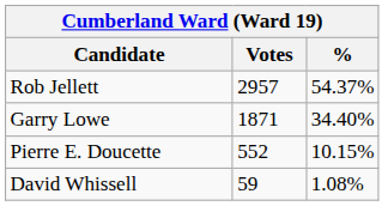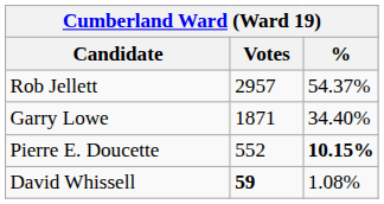 <table class="wikitable">
 <tr>
 <th colspan="3"><a href='#'>Cumberland Ward</a> (Ward 19)</th>
 </tr>
 <tr>
 <th style="width: 170px">Candidate</th>
 <th style="width: 50px">Votes</th>
 <th style="width: 40px">%</th>
 </tr>
 <tr>
 <td>Rob Jellett</td>
 <td>2957</td>
 <td>54.37%</td>
 </tr>
 <tr>
 <td>Garry Lowe</td>
 <td>1871</td>
 <td>34.40%</td>
 </tr>
 <tr>
 <td>Pierre E. Doucette</td>
 <td>552</td>
-<td>10.15%</td>
+<td><strong>10.15%</strong></td>
 </tr>
 <tr>
 <td>David Whissell</td>
-<td>59</td>
+<td><strong>59</strong></td>
 <td>1.08%</td>
 </tr>
 </table>
